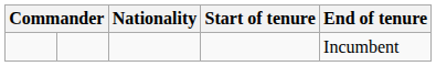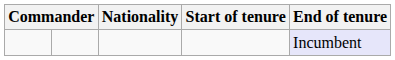 <table class="wikitable sortable">
 <tr>
 <th colspan="2">Commander</th>
 <th>Nationality</th>
 <th>Start of tenure</th>
 <th>End of tenure</th>
 </tr>
 <tr>
 <td></td>
 <td></td>
 <td></td>
 <td></td>
-<td>Incumbent </td>
+<td style="background: lavender;">Incumbent </td>
 </tr>
 </table>
